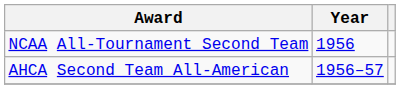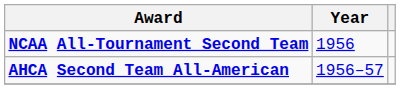 <table class="wikitable">
 <tr>
 <th>Award</th>
 <th>Year</th>
 <th></th>
 </tr>
 <tr>
-<td><a href='#'>NCAA</a> <a href='#'>All-Tournament Second Team</a></td>
+<td><strong><a href='#'>NCAA</a> <a href='#'>All-Tournament Second Team</a></strong></td>
 <td><a href='#'>1956</a></td>
 <td></td>
 </tr>
 <tr>
-<td><a href='#'>AHCA</a> <a href='#'>Second Team All-American</a></td>
+<td><strong><a href='#'>AHCA</a> <a href='#'>Second Team All-American</a></strong></td>
 <td><a href='#'>1956–57</a></td>
 <td></td>
 </tr>
 <tr>
 </tr>
 </table>
